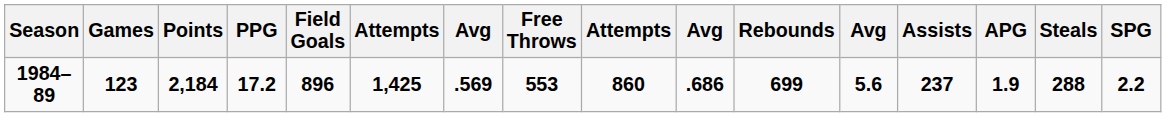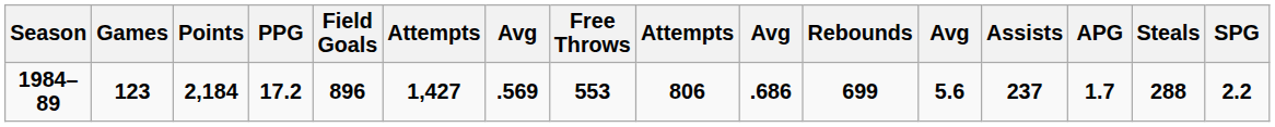 <table class="wikitable sortable" style="text-align:center">
 <tr>
 <th width=40px>Season</th>
 <th width=40px>Games</th>
 <th width=40px>Points</th>
 <th width=40px>PPG</th>
 <th width=40px>Field Goals</th>
 <th width=40px>Attempts</th>
 <th width=40px>Avg</th>
 <th width=40px>Free Throws</th>
 <th width=40px>Attempts</th>
 <th width=40px>Avg</th>
 <th width=40px>Rebounds</th>
 <th width=40px>Avg</th>
 <th width=40px>Assists</th>
 <th width=40px>APG</th>
 <th width=40px>Steals</th>
 <th width=40px>SPG</th>
 </tr>
 <tr class="sortbottom">
 <td><strong>1984–89</strong></td>
 <td><strong>123</strong></td>
 <td><strong>2,184</strong></td>
 <td><strong>17.2</strong></td>
 <td><strong>896</strong></td>
-<td><strong>1,425</strong></td>
+<td><strong>1,427</strong></td>
 <td><strong>.569</strong></td>
 <td><strong>553</strong></td>
-<td><strong>860</strong></td>
+<td><strong>806</strong></td>
 <td><strong>.686</strong></td>
 <td><strong>699</strong></td>
 <td><strong>5.6</strong></td>
 <td><strong>237</strong></td>
-<td><strong>1.9</strong></td>
+<td><strong>1.7</strong></td>
 <td><strong>288</strong></td>
 <td><strong>2.2</strong></td>
 </tr>
 </table>
